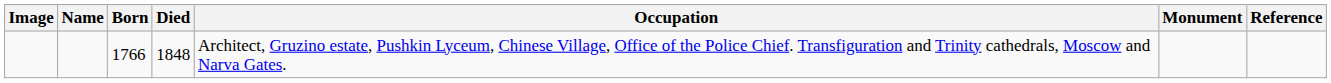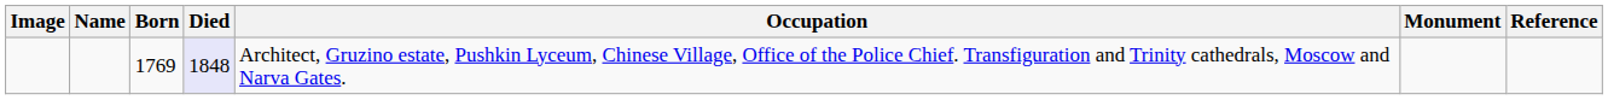 <table class="wikitable sortable">
 <tr>
 <th scope=col class=unsortable>Image</th>
 <th scope=col>Name</th>
 <th scope=col>Born</th>
 <th scope=col>Died</th>
 <th scope=col class=unsortable>Occupation</th>
 <th scope=col class=unsortable>Monument</th>
 <th scope=col class=unsortable>Reference</th>
 </tr>
 <tr>
 <td></td>
 <td></td>
-<td>1766</td>
-<td>1848</td>
+<td>1769</td>
+<td style="background: lavender;">1848</td>
 <td>Architect, <a href='#'>Gruzino estate</a>, <a href='#'>Pushkin Lyceum</a>, <a href='#'>Chinese Village</a>, <a href='#'>Office of the Police Chief</a>.  <a href='#'>Transfiguration</a> and <a href='#'>Trinity</a> cathedrals, <a href='#'>Moscow</a> and <a href='#'>Narva Gates</a>.</td>
 <td></td>
 <td></td>
 </tr>
 </table>
